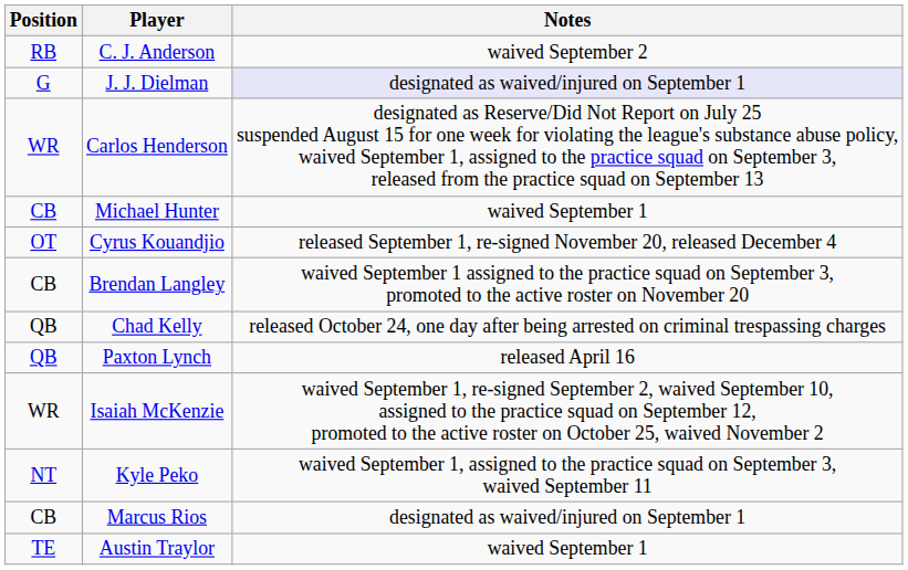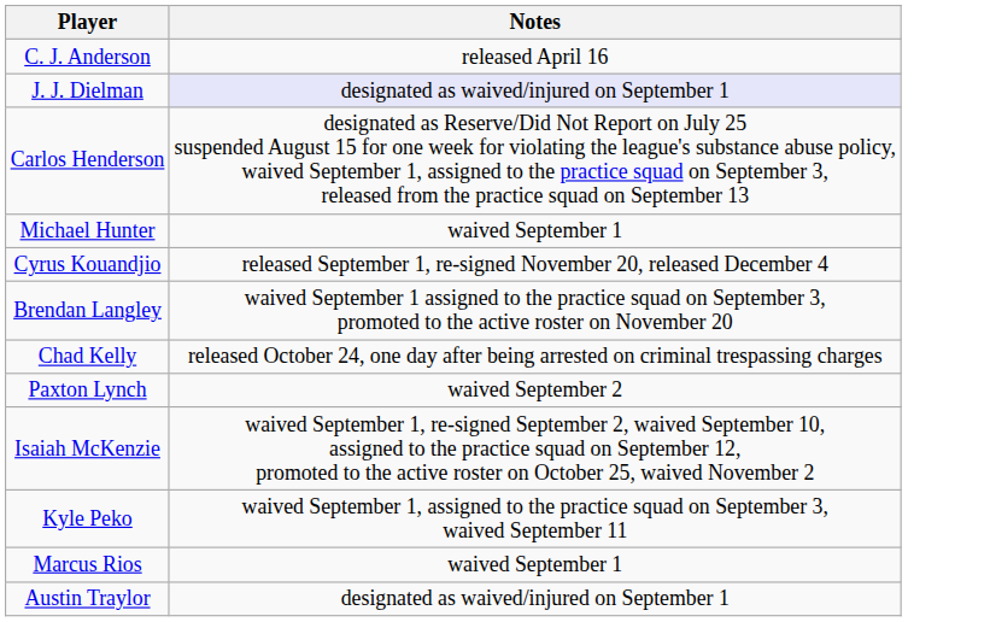 <table class="wikitable" style="text-align:center">
 <tr>
-<th>Position</th>
 <th>Player</th>
 <th>Notes</th>
 </tr>
 <tr>
-<td><a href='#'>RB</a></td>
 <td><a href='#'>C. J. Anderson</a></td>
-<td>waived September 2</td>
+<td>released April 16</td>
 </tr>
 <tr>
-<td><a href='#'>G</a></td>
 <td><a href='#'>J. J. Dielman</a></td>
 <td style="background: lavender;">designated as waived/injured on September 1</td>
 </tr>
 <tr>
-<td><a href='#'>WR</a></td>
 <td><a href='#'>Carlos Henderson</a></td>
 <td>designated as Reserve/Did Not Report on July 25<br>suspended August 15 for one week for violating the league's substance abuse policy,<br>waived September 1, assigned to the <a href='#'>practice squad</a> on September 3,<br>released from the practice squad on September 13</td>
 </tr>
 <tr>
-<td><a href='#'>CB</a></td>
 <td><a href='#'>Michael Hunter</a></td>
 <td>waived September 1</td>
 </tr>
 <tr>
-<td><a href='#'>OT</a></td>
 <td><a href='#'>Cyrus Kouandjio</a></td>
 <td>released September 1, re-signed November 20, released December 4</td>
 </tr>
 <tr>
-<td>CB</td>
 <td><a href='#'>Brendan Langley</a></td>
 <td>waived September 1 assigned to the practice squad on September 3,<br>promoted to the active roster on November 20</td>
 </tr>
 <tr>
-<td>QB</td>
 <td><a href='#'>Chad Kelly</a></td>
 <td>released October 24, one day after being arrested on criminal trespassing charges</td>
 </tr>
 <tr>
-<td><a href='#'>QB</a></td>
 <td><a href='#'>Paxton Lynch</a></td>
-<td>released April 16</td>
+<td>waived September 2</td>
 </tr>
 <tr>
-<td>WR</td>
 <td><a href='#'>Isaiah McKenzie</a></td>
 <td>waived September 1, re-signed September 2, waived September 10,<br>assigned to the practice squad on September 12,<br>promoted to the active roster on October 25, waived November 2</td>
 </tr>
 <tr>
-<td><a href='#'>NT</a></td>
 <td><a href='#'>Kyle Peko</a></td>
 <td>waived September 1, assigned to the practice squad on September 3,<br>waived September 11</td>
 </tr>
 <tr>
-<td>CB</td>
 <td><a href='#'>Marcus Rios</a></td>
+<td>waived September 1</td>
+</tr>
+<tr>
+<td><a href='#'>Austin Traylor</a></td>
 <td>designated as waived/injured on September 1</td>
 </tr>
-<tr>
-<td><a href='#'>TE</a></td>
-<td><a href='#'>Austin Traylor</a></td>
-<td>waived September 1</td>
-</tr>
 </table>
